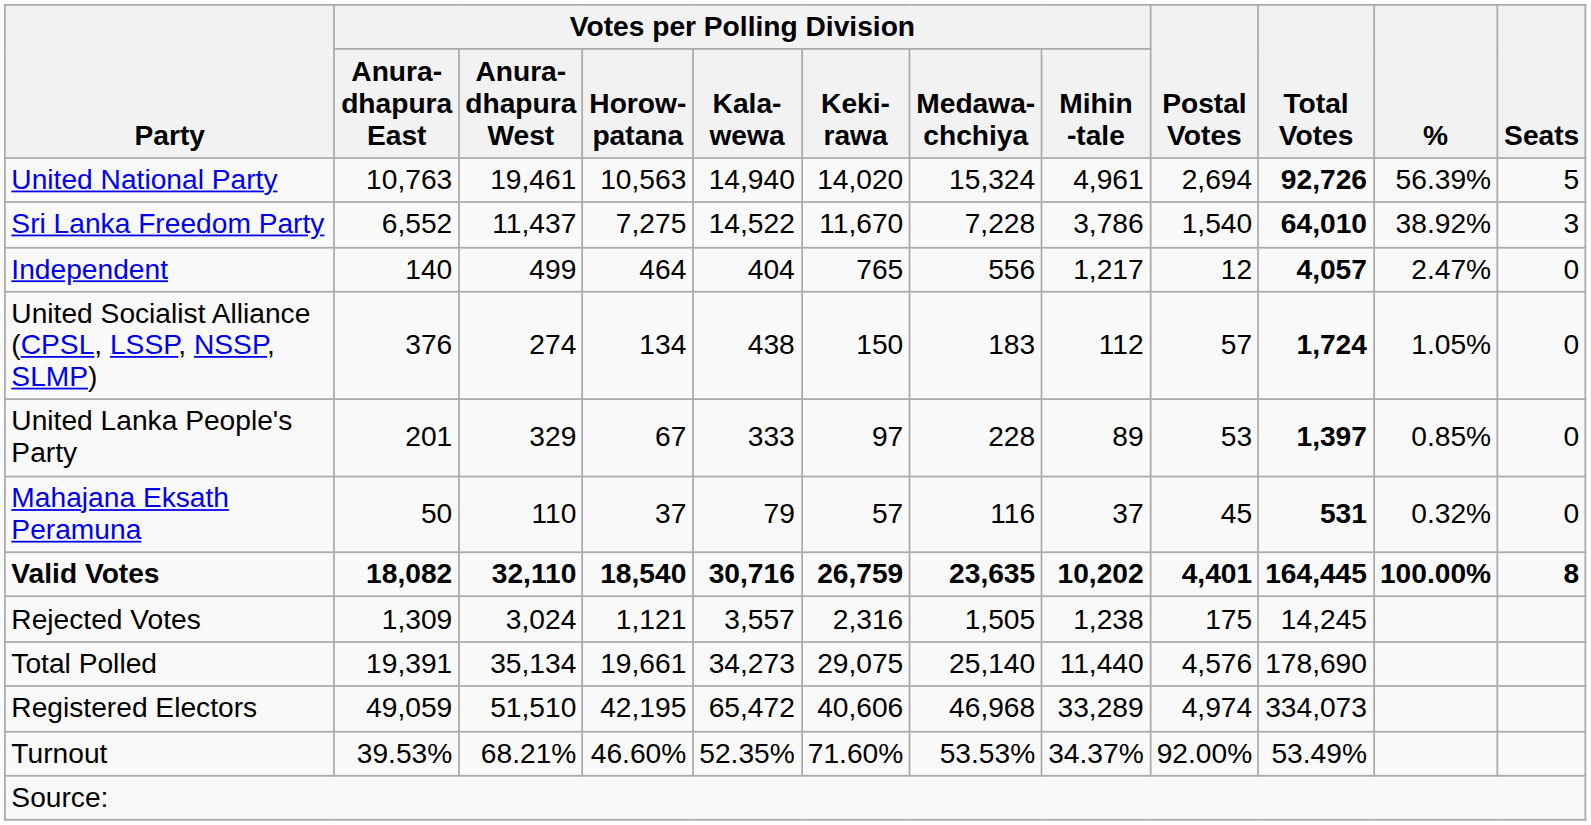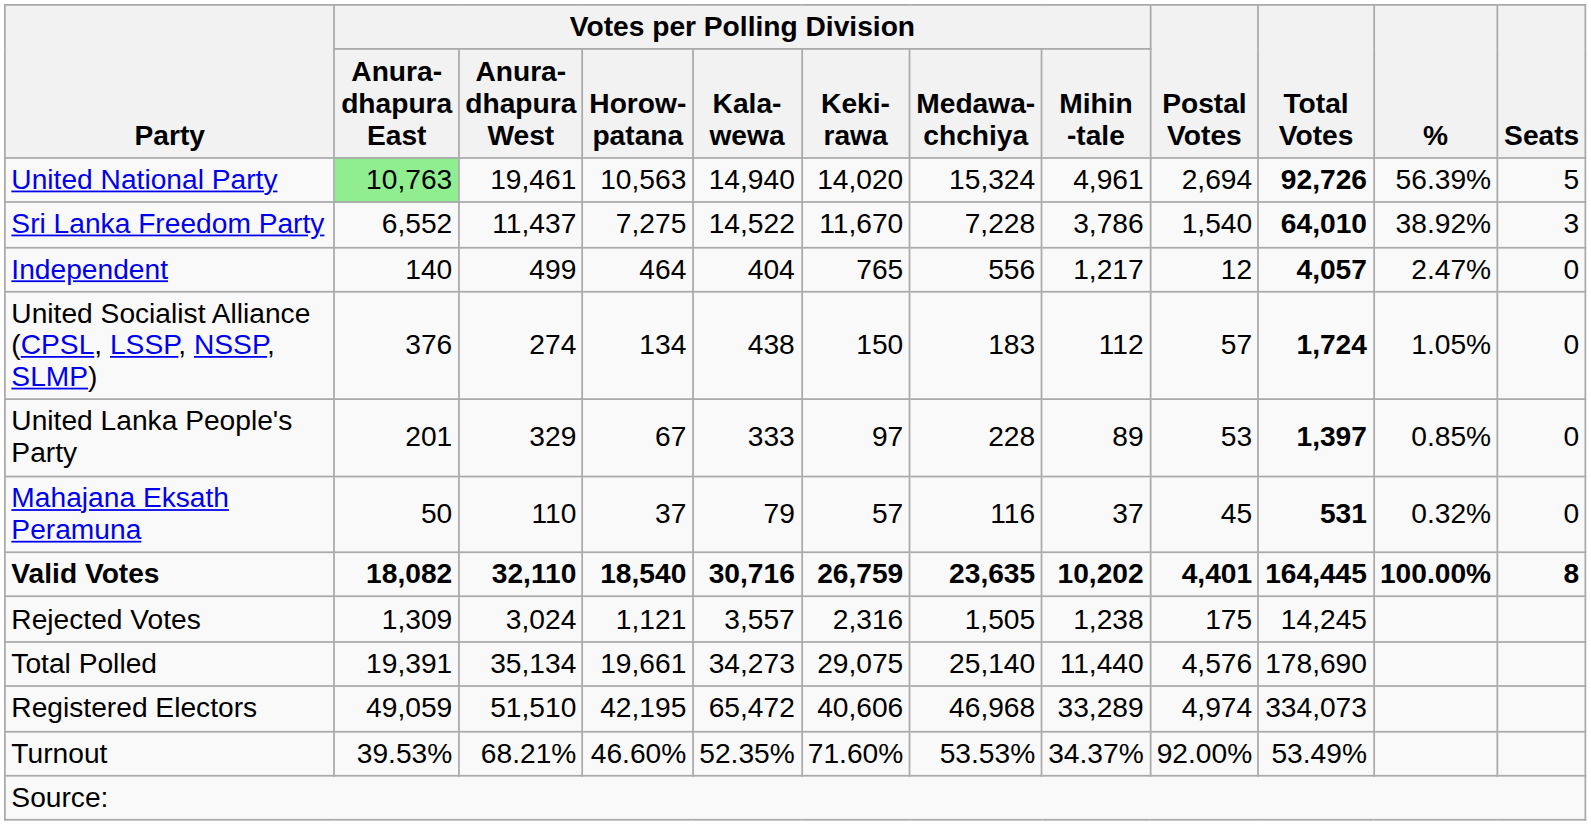 <table class="wikitable" border="1" style="text-align:right;">
 <tr>
 <th align=left valign=bottom rowspan=2 width="180">Party</th>
 <th colspan=7>Votes per Polling Division</th>
 <th align=center valign=bottom rowspan=2 width="50">Postal<br>Votes</th>
 <th align=center valign=bottom rowspan=2 width="50">Total Votes</th>
 <th align=center valign=bottom rowspan=2 width="50">%</th>
 <th align=center valign=bottom rowspan=2 width="40">Seats</th>
 </tr>
 <tr>
 <th align=center valign=bottom width="50">Anura-<br>dhapura<br>East</th>
 <th align=center valign=bottom width="50">Anura-<br>dhapura<br>West</th>
 <th align=center valign=bottom width="50">Horow-<br>patana</th>
 <th align=center valign=bottom width="50">Kala-<br>wewa</th>
 <th align=center valign=bottom width="50">Keki-<br>rawa</th>
 <th align=center valign=bottom width="50">Medawa-<br>chchiya</th>
 <th align=center valign=bottom width="50">Mihin<br>-tale</th>
 </tr>
 <tr>
 <td align=left><a href='#'>United National Party</a></td>
-<td>10,763</td>
+<td style="background: lightgreen;">10,763</td>
 <td>19,461</td>
 <td>10,563</td>
 <td>14,940</td>
 <td>14,020</td>
 <td>15,324</td>
 <td>4,961</td>
 <td>2,694</td>
 <td><strong>92,726</strong></td>
 <td>56.39%</td>
 <td>5</td>
 </tr>
 <tr>
 <td align=left><a href='#'>Sri Lanka Freedom Party</a></td>
 <td>6,552</td>
 <td>11,437</td>
 <td>7,275</td>
 <td>14,522</td>
 <td>11,670</td>
 <td>7,228</td>
 <td>3,786</td>
 <td>1,540</td>
 <td><strong>64,010</strong></td>
 <td>38.92%</td>
 <td>3</td>
 </tr>
 <tr>
 <td align=left><a href='#'>Independent</a></td>
 <td>140</td>
 <td>499</td>
 <td>464</td>
 <td>404</td>
 <td>765</td>
 <td>556</td>
 <td>1,217</td>
 <td>12</td>
 <td><strong>4,057</strong></td>
 <td>2.47%</td>
 <td>0</td>
 </tr>
 <tr>
 <td align=left>United Socialist Alliance<br>(<a href='#'>CPSL</a>, <a href='#'>LSSP</a>, <a href='#'>NSSP</a>, <a href='#'>SLMP</a>)</td>
 <td>376</td>
 <td>274</td>
 <td>134</td>
 <td>438</td>
 <td>150</td>
 <td>183</td>
 <td>112</td>
 <td>57</td>
 <td><strong>1,724</strong></td>
 <td>1.05%</td>
 <td>0</td>
 </tr>
 <tr>
 <td align=left>United Lanka People's Party</td>
 <td>201</td>
 <td>329</td>
 <td>67</td>
 <td>333</td>
 <td>97</td>
 <td>228</td>
 <td>89</td>
 <td>53</td>
 <td><strong>1,397</strong></td>
 <td>0.85%</td>
 <td>0</td>
 </tr>
 <tr>
 <td align=left><a href='#'>Mahajana Eksath Peramuna</a></td>
 <td>50</td>
 <td>110</td>
 <td>37</td>
 <td>79</td>
 <td>57</td>
 <td>116</td>
 <td>37</td>
 <td>45</td>
 <td><strong>531</strong></td>
 <td>0.32%</td>
 <td>0</td>
 </tr>
 <tr>
 <td align=left><strong>Valid Votes</strong></td>
 <td><strong>18,082</strong></td>
 <td><strong>32,110</strong></td>
 <td><strong>18,540</strong></td>
 <td><strong>30,716</strong></td>
 <td><strong>26,759</strong></td>
 <td><strong>23,635</strong></td>
 <td><strong>10,202</strong></td>
 <td><strong>4,401</strong></td>
 <td><strong>164,445</strong></td>
 <td><strong>100.00%</strong></td>
 <td><strong>8</strong></td>
 </tr>
 <tr>
 <td align=left>Rejected Votes</td>
 <td>1,309</td>
 <td>3,024</td>
 <td>1,121</td>
 <td>3,557</td>
 <td>2,316</td>
 <td>1,505</td>
 <td>1,238</td>
 <td>175</td>
 <td>14,245</td>
 <td></td>
 <td></td>
 </tr>
 <tr>
 <td align=left>Total Polled</td>
 <td>19,391</td>
 <td>35,134</td>
 <td>19,661</td>
 <td>34,273</td>
 <td>29,075</td>
 <td>25,140</td>
 <td>11,440</td>
 <td>4,576</td>
 <td>178,690</td>
 <td></td>
 <td></td>
 </tr>
 <tr>
 <td align=left>Registered Electors</td>
 <td>49,059</td>
 <td>51,510</td>
 <td>42,195</td>
 <td>65,472</td>
 <td>40,606</td>
 <td>46,968</td>
 <td>33,289</td>
 <td>4,974</td>
 <td>334,073</td>
 <td></td>
 <td></td>
 </tr>
 <tr>
 <td align=left>Turnout</td>
 <td>39.53%</td>
 <td>68.21%</td>
 <td>46.60%</td>
 <td>52.35%</td>
 <td>71.60%</td>
 <td>53.53%</td>
 <td>34.37%</td>
 <td>92.00%</td>
 <td>53.49%</td>
 <td></td>
 <td></td>
 </tr>
 <tr>
 <td align=left colspan=13>Source:</td>
 </tr>
 </table>
